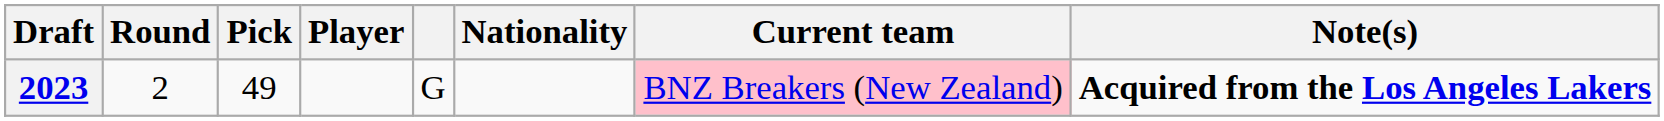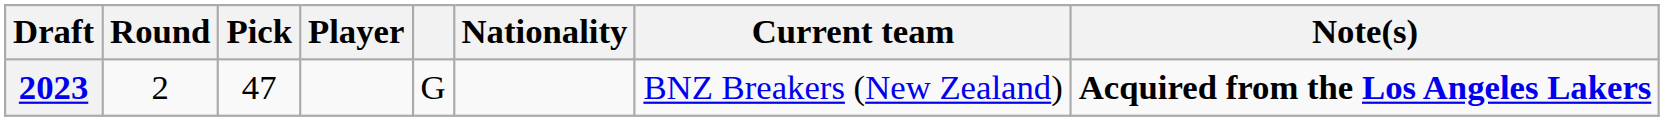 <table class="wikitable sortable plainrowheaders" style="text-align:left;">
 <tr>
 <th scope="col">Draft</th>
 <th scope="col">Round</th>
 <th scope="col">Pick</th>
 <th scope="col">Player</th>
 <th scope="col"></th>
 <th scope="col">Nationality</th>
 <th scope="col">Current team</th>
 <th scope="col">Note(s)</th>
 </tr>
 <tr>
 <th scope="row" style="text-align:center;"><a href='#'>2023</a></th>
 <td style="text-align:center;">2</td>
-<td style="text-align:center;">49</td>
+<td style="text-align:center;">47</td>
 <td></td>
 <td style="text-align:center;">G</td>
 <td></td>
-<td style="background: pink;"><a href='#'>BNZ Breakers</a> (<a href='#'>New Zealand</a>)</td>
+<td><a href='#'>BNZ Breakers</a> (<a href='#'>New Zealand</a>)</td>
 <td><strong>Acquired from the <a href='#'>Los Angeles Lakers</a></strong></td>
 </tr>
 </table>
